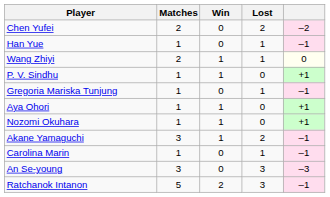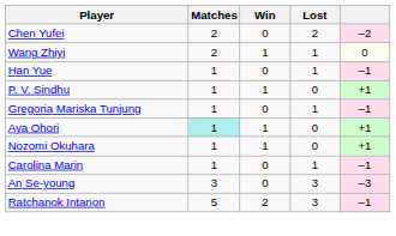 <table class=wikitable style="text-align:center; font-size:small">
 <tr>
 <th width="200">Player</th>
 <th width="50">Matches</th>
 <th width="50">Win</th>
 <th width="50">Lost</th>
 <th width="50"></th>
 </tr>
 <tr>
 <td align="left"> <a href='#'>Chen Yufei</a></td>
 <td>2</td>
 <td>0</td>
 <td>2</td>
 <td bgcolor="#ffddee">–2</td>
 </tr>
 <tr>
+<td align="left"> <a href='#'>Wang Zhiyi</a></td>
+<td>2</td>
+<td>1</td>
+<td>1</td>
+<td bgcolor="#fffff0">0</td>
+</tr>
+<tr>
 <td align="left"> <a href='#'>Han Yue</a></td>
 <td>1</td>
 <td>0</td>
 <td>1</td>
 <td bgcolor="#ffddee">–1</td>
-</tr>
-<tr>
-<td align="left"> <a href='#'>Wang Zhiyi</a></td>
-<td>2</td>
-<td>1</td>
-<td>1</td>
-<td bgcolor="#fffff0">0</td>
 </tr>
 <tr>
 <td align="left"> <a href='#'>P. V. Sindhu</a></td>
 <td>1</td>
 <td>1</td>
 <td>0</td>
 <td bgcolor="#ccffcc">+1</td>
 </tr>
 <tr>
 <td align="left"> <a href='#'>Gregoria Mariska Tunjung</a></td>
 <td>1</td>
 <td>0</td>
 <td>1</td>
 <td bgcolor="#ffddee">–1</td>
 </tr>
 <tr>
 <td align="left"> <a href='#'>Aya Ohori</a></td>
-<td>1</td>
+<td style="background: paleturquoise;">1</td>
 <td>1</td>
 <td>0</td>
 <td bgcolor="#ccffcc">+1</td>
 </tr>
 <tr>
 <td align="left"> <a href='#'>Nozomi Okuhara</a></td>
 <td>1</td>
 <td>1</td>
 <td>0</td>
 <td bgcolor="#ccffcc">+1</td>
-</tr>
-<tr>
-<td align="left"> <a href='#'>Akane Yamaguchi</a></td>
-<td>3</td>
-<td>1</td>
-<td>2</td>
-<td bgcolor="#ffddee">–1</td>
 </tr>
 <tr>
 <td align="left"> <a href='#'>Carolina Marin</a></td>
 <td>1</td>
 <td>0</td>
 <td>1</td>
 <td bgcolor="#ffddee">–1</td>
 </tr>
 <tr>
 <td align="left"> <a href='#'>An Se-young</a></td>
 <td>3</td>
 <td>0</td>
 <td>3</td>
 <td bgcolor="#ffddee">–3</td>
 </tr>
 <tr>
 <td align="left"> <a href='#'>Ratchanok Intanon</a></td>
 <td>5</td>
 <td>2</td>
 <td>3</td>
 <td bgcolor="#ffddee">–1</td>
 </tr>
 </table>
